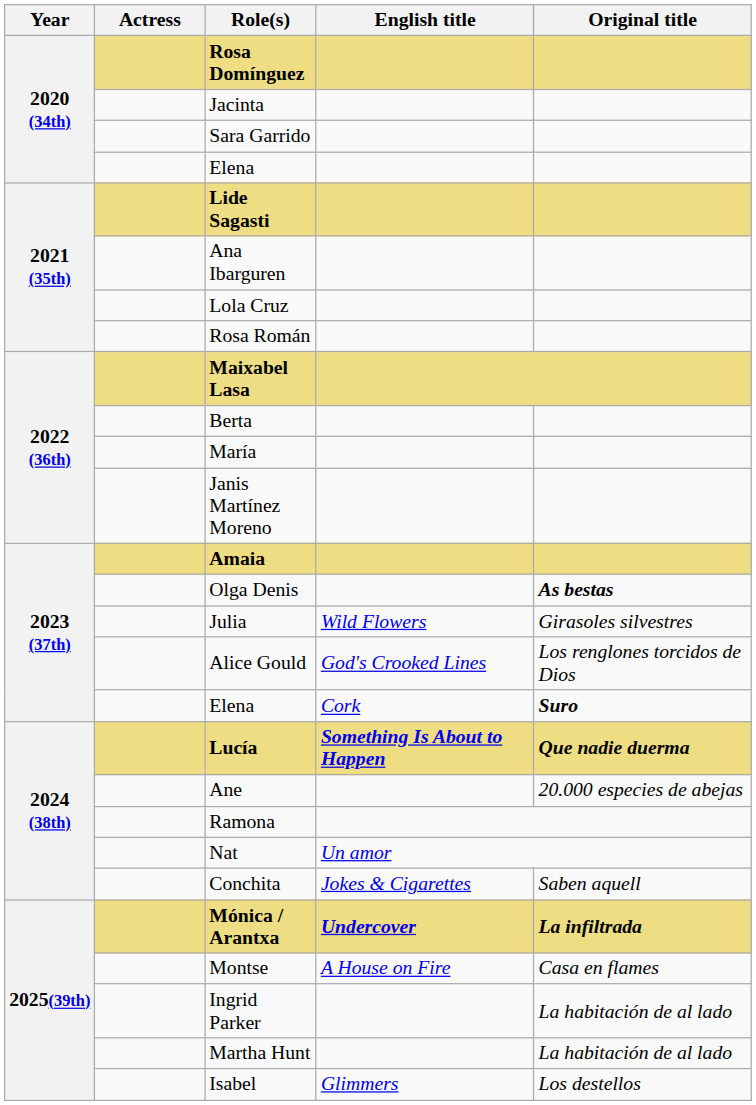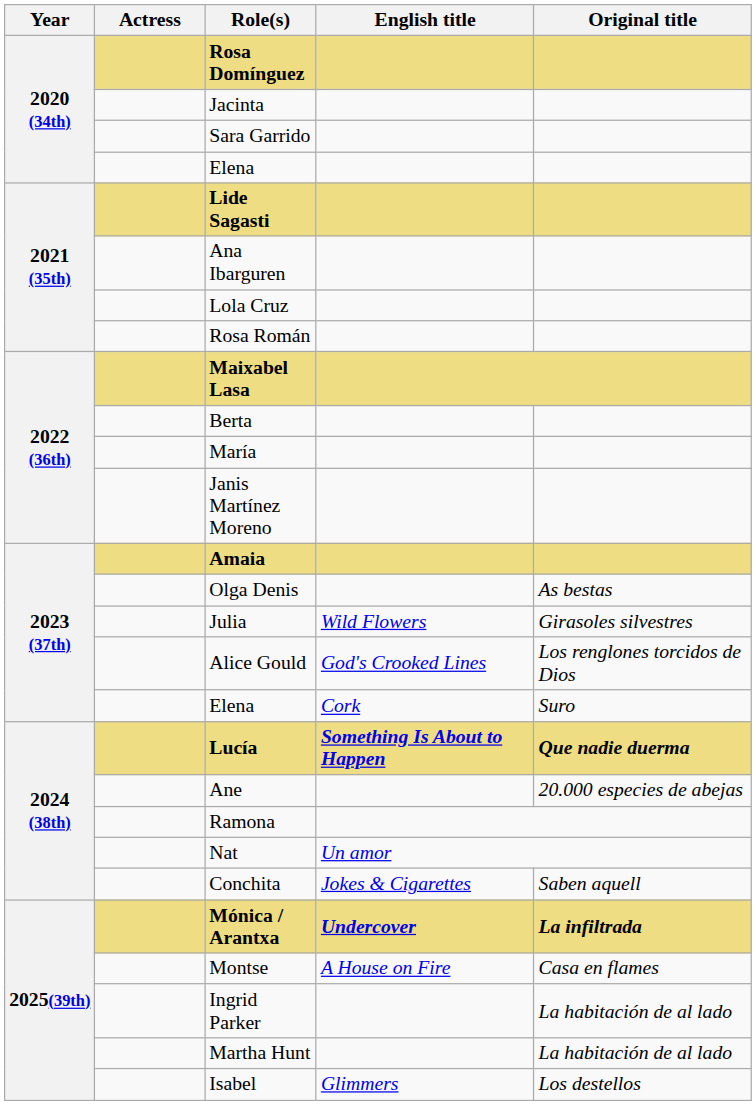 <table class="wikitable sortable" style="text-align:left;">
 <tr>
 <th scope="col" style="width:8%;">Year</th>
 <th scope="col" style="width:15%;">Actress</th>
 <th scope="col" style="width:15%;">Role(s)</th>
 <th scope="col" style="width:30%;">English title</th>
 <th scope="col" style="width:30%;">Original title</th>
 </tr>
 <tr>
 <th scope="row" rowspan=4 style="text-align:center">2020<br><small><a href='#'>(34th)</a></small><br></th>
 <td style="background:#eedd82;"><strong> </strong></td>
 <td style="background:#eedd82;"><strong>Rosa Domínguez</strong></td>
 <td style="background:#eedd82;"><strong><em></em></strong></td>
 <td style="background:#eedd82;"><strong><em></em></strong></td>
 </tr>
 <tr>
 <td></td>
 <td>Jacinta</td>
 <td><em></em></td>
 <td><em></em></td>
 </tr>
 <tr>
 <td></td>
 <td>Sara Garrido</td>
 <td><em></em></td>
 <td><em></em></td>
 </tr>
 <tr>
 <td></td>
 <td>Elena</td>
 <td><em></em></td>
 <td><em></em></td>
 </tr>
 <tr>
 <th scope="row" rowspan=4 style="text-align:center">2021<br><small><a href='#'>(35th)</a></small><br></th>
 <td style="background:#eedd82;"><strong> </strong></td>
 <td style="background:#eedd82;"><strong>Lide Sagasti</strong></td>
 <td style="background:#eedd82;"><strong><em></em></strong></td>
 <td style="background:#eedd82;"><strong><em></em></strong></td>
 </tr>
 <tr>
 <td></td>
 <td>Ana Ibarguren</td>
 <td><em></em></td>
 <td><em></em></td>
 </tr>
 <tr>
 <td></td>
 <td>Lola Cruz</td>
 <td><em></em></td>
 <td><em></em></td>
 </tr>
 <tr>
 <td></td>
 <td>Rosa Román</td>
 <td><em></em></td>
 <td><em></em></td>
 </tr>
 <tr>
 <th scope="row" rowspan=4 style="text-align:center">2022<br><small><a href='#'>(36th)</a></small><br></th>
 <td style="background:#eedd82;"><strong> </strong></td>
 <td style="background:#eedd82;"><strong>Maixabel Lasa</strong></td>
 <td colspan="2" style="background:#eedd82;"><strong><em></em></strong></td>
 </tr>
 <tr>
 <td></td>
 <td>Berta</td>
 <td><em></em></td>
 <td><em></em></td>
 </tr>
 <tr>
 <td></td>
 <td>María</td>
 <td><em></em></td>
 <td><em></em></td>
 </tr>
 <tr>
 <td></td>
 <td>Janis Martínez Moreno</td>
 <td><em></em></td>
 <td><em></em></td>
 </tr>
 <tr>
 <th scope="row" rowspan="5" style="text-align:center;">2023<br><small><a href='#'>(37th)</a></small><br></th>
 <td style="background:#eedd82;"><strong> </strong></td>
 <td style="background:#eedd82;"><strong>Amaia</strong></td>
 <td style="background:#eedd82;"><strong><em></em></strong></td>
 <td style="background:#eedd82;"><strong><em></em></strong></td>
 </tr>
 <tr>
 <td></td>
 <td>Olga Denis</td>
 <td><em></em></td>
-<td><strong><em>As bestas</em></strong></td>
+<td><em>As bestas</em></td>
 </tr>
 <tr>
 <td></td>
 <td>Julia</td>
 <td><em><a href='#'>Wild Flowers</a></em></td>
 <td><em>Girasoles silvestres</em></td>
 </tr>
 <tr>
 <td></td>
 <td>Alice Gould</td>
 <td><em><a href='#'>God's Crooked Lines</a></em></td>
 <td><em>Los renglones torcidos de Dios</em></td>
 </tr>
 <tr>
 <td></td>
 <td>Elena</td>
 <td><em><a href='#'>Cork</a></em></td>
-<td><strong><em>Suro</em></strong></td>
+<td><em>Suro</em></td>
 </tr>
 <tr>
 <th scope="row" rowspan="5" style="text-align:center;">2024<br><small><a href='#'>(38th)</a></small><br></th>
 <td style="background:#eedd82;"><strong> </strong></td>
 <td style="background:#eedd82;"><strong>Lucía</strong></td>
 <td style="background:#eedd82;"><strong><em><a href='#'>Something Is About to Happen</a></em></strong></td>
 <td style="background:#eedd82;"><strong><em>Que nadie duerma</em></strong></td>
 </tr>
 <tr>
 <td></td>
 <td>Ane</td>
 <td><em></em></td>
 <td><em>20.000 especies de abejas</em></td>
 </tr>
 <tr>
 <td></td>
 <td>Ramona</td>
 <td colspan="2"><em></em></td>
 </tr>
 <tr>
 <td></td>
 <td>Nat</td>
 <td colspan="2"><em><a href='#'>Un amor</a></em></td>
 </tr>
 <tr>
 <td></td>
 <td>Conchita</td>
 <td><em><a href='#'>Jokes & Cigarettes</a></em></td>
 <td><em>Saben aquell</em></td>
 </tr>
 <tr>
 <th scope="row" rowspan="5" style="text-align:center;">2025<small><a href='#'>(39th)</a></small></th>
 <td style="background:#eedd82;"><strong> </strong></td>
 <td style="background:#eedd82;"><strong>Mónica / Arantxa</strong></td>
 <td style="background:#eedd82;"><strong><em><a href='#'>Undercover</a></em></strong></td>
 <td style="background:#eedd82;"><strong><em>La infiltrada</em></strong></td>
 </tr>
 <tr>
 <td></td>
 <td>Montse</td>
 <td><em><a href='#'>A House on Fire</a></em></td>
 <td><em>Casa en flames</em></td>
 </tr>
 <tr>
 <td></td>
 <td>Ingrid Parker</td>
 <td><em></em></td>
 <td><em>La habitación de al lado</em></td>
 </tr>
 <tr>
 <td></td>
 <td>Martha Hunt</td>
 <td><em></em></td>
 <td><em>La habitación de al lado</em></td>
 </tr>
 <tr>
 <td></td>
 <td>Isabel</td>
 <td><em><a href='#'>Glimmers</a></em></td>
 <td><em>Los destellos</em></td>
 </tr>
 <tr>
 </tr>
 </table>
